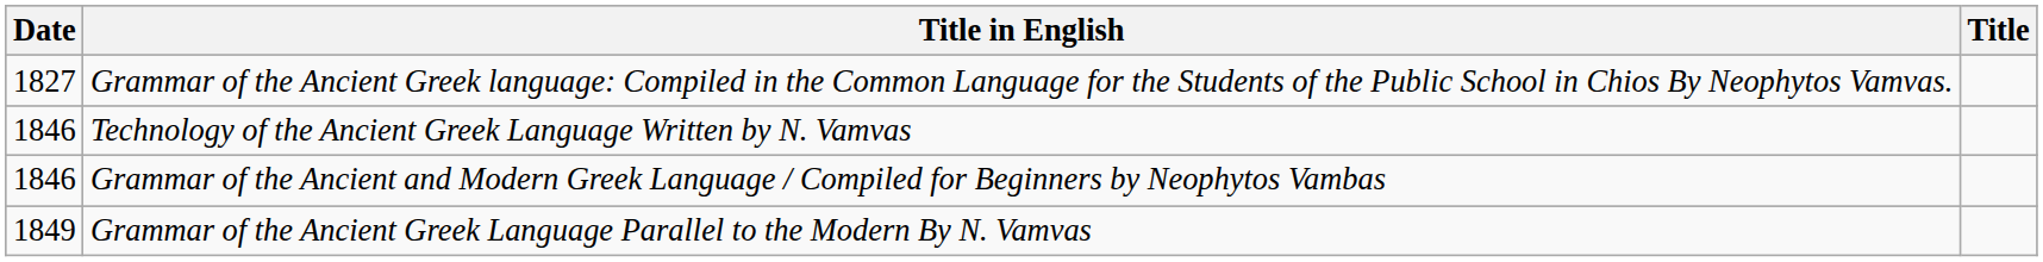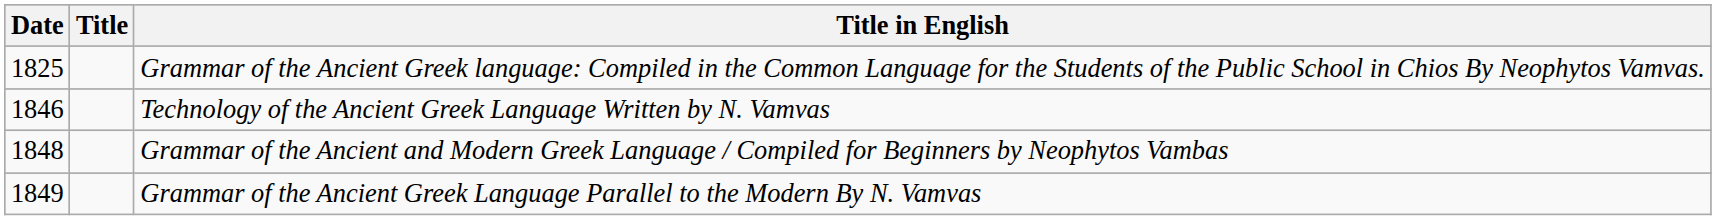 <table class="wikitable">
 <tr>
 <th>Date</th>
+<th>Title</th>
 <th>Title in English</th>
-<th>Title</th>
 </tr>
 <tr>
-<td>1827</td>
+<td>1825</td>
+<td></td>
 <td><em>Grammar of the Αncient Greek language: Compiled in the Common Language for the Students of the Public School in Chios By Neophytos Vamvas.</em></td>
-<td></td>
 </tr>
 <tr>
 <td>1846</td>
+<td></td>
 <td><em>Technology of the Ancient Greek Language Written by N. Vamvas</em></td>
-<td></td>
 </tr>
 <tr>
-<td>1846</td>
+<td>1848</td>
+<td></td>
 <td><em>Grammar of the Ancient and Modern Greek Language / Compiled for Beginners by Neophytos Vambas</em></td>
-<td></td>
 </tr>
 <tr>
 <td>1849</td>
+<td></td>
 <td><em>Grammar of the Ancient Greek Language Parallel to the Modern By N. Vamvas</em></td>
-<td></td>
 </tr>
 </table>
